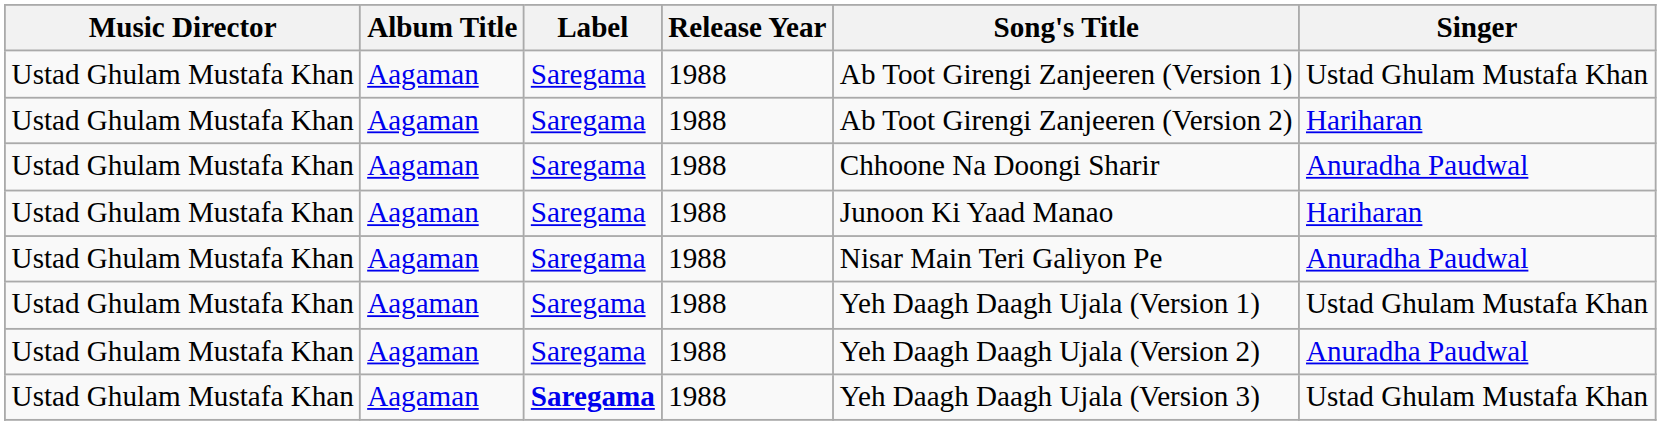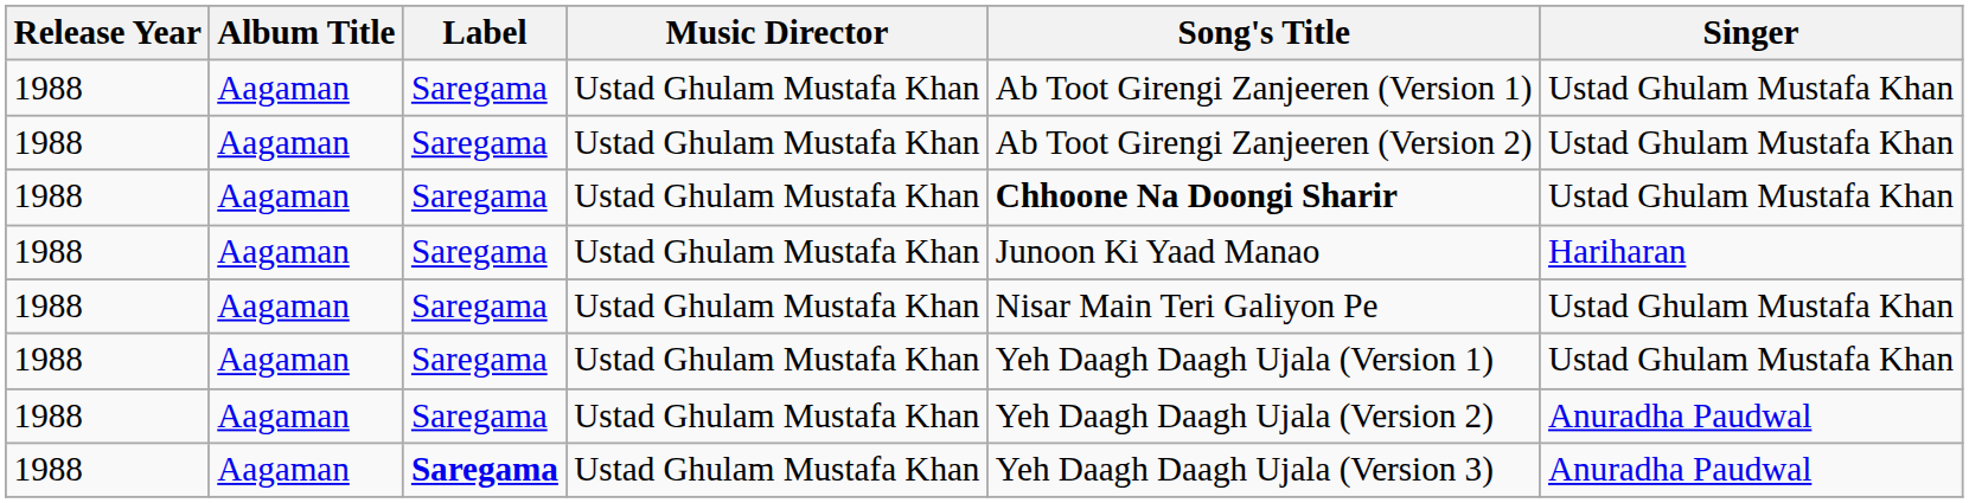 <table class="wikitable">
 <tr>
-<th>Music Director</th>
+<th>Release Year</th>
 <th>Album Title</th>
 <th>Label</th>
-<th>Release Year</th>
+<th>Music Director</th>
 <th>Song's Title</th>
 <th>Singer</th>
 </tr>
 <tr>
-<td>Ustad Ghulam Mustafa Khan</td>
+<td>1988</td>
 <td><a href='#'>Aagaman</a></td>
 <td><a href='#'>Saregama</a></td>
-<td>1988</td>
+<td>Ustad Ghulam Mustafa Khan</td>
 <td>Ab Toot Girengi Zanjeeren (Version 1)</td>
 <td>Ustad Ghulam Mustafa Khan</td>
 </tr>
 <tr>
-<td>Ustad Ghulam Mustafa Khan</td>
+<td>1988</td>
 <td><a href='#'>Aagaman</a></td>
 <td><a href='#'>Saregama</a></td>
-<td>1988</td>
+<td>Ustad Ghulam Mustafa Khan</td>
 <td>Ab Toot Girengi Zanjeeren (Version 2)</td>
-<td><a href='#'>Hariharan</a></td>
+<td>Ustad Ghulam Mustafa Khan</td>
 </tr>
 <tr>
-<td>Ustad Ghulam Mustafa Khan</td>
+<td>1988</td>
 <td><a href='#'>Aagaman</a></td>
 <td><a href='#'>Saregama</a></td>
-<td>1988</td>
-<td>Chhoone Na Doongi Sharir</td>
-<td><a href='#'>Anuradha Paudwal</a></td>
+<td>Ustad Ghulam Mustafa Khan</td>
+<td><strong>Chhoone Na Doongi Sharir</strong></td>
+<td>Ustad Ghulam Mustafa Khan</td>
 </tr>
 <tr>
-<td>Ustad Ghulam Mustafa Khan</td>
+<td>1988</td>
 <td><a href='#'>Aagaman</a></td>
 <td><a href='#'>Saregama</a></td>
-<td>1988</td>
+<td>Ustad Ghulam Mustafa Khan</td>
 <td>Junoon Ki Yaad Manao</td>
 <td><a href='#'>Hariharan</a></td>
 </tr>
 <tr>
-<td>Ustad Ghulam Mustafa Khan</td>
+<td>1988</td>
 <td><a href='#'>Aagaman</a></td>
 <td><a href='#'>Saregama</a></td>
-<td>1988</td>
+<td>Ustad Ghulam Mustafa Khan</td>
 <td>Nisar Main Teri Galiyon Pe</td>
-<td><a href='#'>Anuradha Paudwal</a></td>
+<td>Ustad Ghulam Mustafa Khan</td>
 </tr>
 <tr>
-<td>Ustad Ghulam Mustafa Khan</td>
+<td>1988</td>
 <td><a href='#'>Aagaman</a></td>
 <td><a href='#'>Saregama</a></td>
-<td>1988</td>
+<td>Ustad Ghulam Mustafa Khan</td>
 <td>Yeh Daagh Daagh Ujala (Version 1)</td>
 <td>Ustad Ghulam Mustafa Khan</td>
 </tr>
 <tr>
-<td>Ustad Ghulam Mustafa Khan</td>
+<td>1988</td>
 <td><a href='#'>Aagaman</a></td>
 <td><a href='#'>Saregama</a></td>
-<td>1988</td>
+<td>Ustad Ghulam Mustafa Khan</td>
 <td>Yeh Daagh Daagh Ujala (Version 2)</td>
 <td><a href='#'>Anuradha Paudwal</a></td>
 </tr>
 <tr>
-<td>Ustad Ghulam Mustafa Khan</td>
+<td>1988</td>
 <td><a href='#'>Aagaman</a></td>
 <td><strong><a href='#'>Saregama</a></strong></td>
-<td>1988</td>
+<td>Ustad Ghulam Mustafa Khan</td>
 <td>Yeh Daagh Daagh Ujala (Version 3)</td>
-<td>Ustad Ghulam Mustafa Khan</td>
+<td><a href='#'>Anuradha Paudwal</a></td>
 </tr>
 </table>
